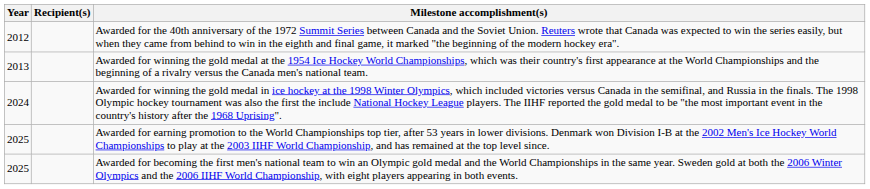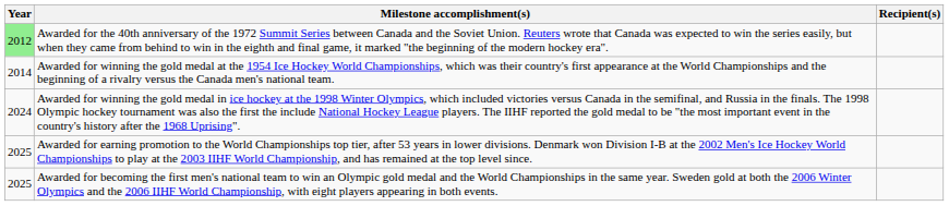 <table class="wikitable">
 <tr>
 <th>Year</th>
+<th>Milestone accomplishment(s)</th>
 <th>Recipient(s)</th>
-<th>Milestone accomplishment(s)</th>
 </tr>
 <tr>
-<td>2012</td>
+<td style="background: lightgreen;">2012</td>
+<td>Awarded for the 40th anniversary of the 1972 <a href='#'>Summit Series</a> between Canada and the Soviet Union. <a href='#'>Reuters</a> wrote that Canada was expected to win the series easily, but when they came from behind to win in the eighth and final game, it marked "the beginning of the modern hockey era".</td>
 <td><br></td>
-<td>Awarded for the 40th anniversary of the 1972 <a href='#'>Summit Series</a> between Canada and the Soviet Union. <a href='#'>Reuters</a> wrote that Canada was expected to win the series easily, but when they came from behind to win in the eighth and final game, it marked "the beginning of the modern hockey era".</td>
 </tr>
 <tr>
-<td>2013</td>
+<td>2014</td>
+<td>Awarded for winning the gold medal at the <a href='#'>1954 Ice Hockey World Championships</a>, which was their country's first appearance at the World Championships and the beginning of a rivalry versus the Canada men's national team.</td>
 <td></td>
-<td>Awarded for winning the gold medal at the <a href='#'>1954 Ice Hockey World Championships</a>, which was their country's first appearance at the World Championships and the beginning of a rivalry versus the Canada men's national team.</td>
 </tr>
 <tr>
 <td>2024</td>
+<td>Awarded for winning the gold medal in <a href='#'>ice hockey at the 1998 Winter Olympics</a>, which included victories versus Canada in the semifinal, and Russia in the finals. The 1998 Olympic hockey tournament was also the first the include <a href='#'>National Hockey League</a> players. The IIHF reported the gold medal to be "the most important event in the country's history after the <a href='#'>1968 Uprising</a>".</td>
 <td></td>
-<td>Awarded for winning the gold medal in <a href='#'>ice hockey at the 1998 Winter Olympics</a>, which included victories versus Canada in the semifinal, and Russia in the finals. The 1998 Olympic hockey tournament was also the first the include <a href='#'>National Hockey League</a> players. The IIHF reported the gold medal to be "the most important event in the country's history after the <a href='#'>1968 Uprising</a>".</td>
 </tr>
 <tr>
 <td>2025</td>
+<td>Awarded for earning promotion to the World Championships top tier, after 53 years in lower divisions. Denmark won Division I-B at the <a href='#'>2002 Men's Ice Hockey World Championships</a> to play at the <a href='#'>2003 IIHF World Championship</a>, and has remained at the top level since.</td>
 <td></td>
-<td>Awarded for earning promotion to the World Championships top tier, after 53 years in lower divisions. Denmark won Division I-B at the <a href='#'>2002 Men's Ice Hockey World Championships</a> to play at the <a href='#'>2003 IIHF World Championship</a>, and has remained at the top level since.</td>
 </tr>
 <tr>
 <td>2025</td>
+<td>Awarded for becoming the first men's national team to win an Olympic gold medal and the World Championships in the same year. Sweden gold at both the <a href='#'>2006 Winter Olympics</a> and the <a href='#'>2006 IIHF World Championship</a>, with eight players appearing in both events.</td>
 <td></td>
-<td>Awarded for becoming the first men's national team to win an Olympic gold medal and the World Championships in the same year. Sweden gold at both the <a href='#'>2006 Winter Olympics</a> and the <a href='#'>2006 IIHF World Championship</a>, with eight players appearing in both events.</td>
 </tr>
 </table>
